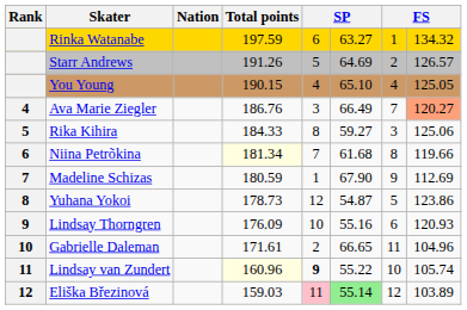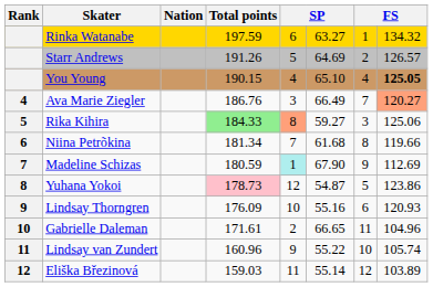 <table class="wikitable sortable" style="text-align:left">
 <tr>
 <th scope="col">Rank</th>
 <th scope="col">Skater</th>
 <th scope="col">Nation</th>
 <th scope="col">Total points</th>
 <th scope="col" colspan="2" width="80px"><a href='#'>SP</a></th>
 <th scope="col" colspan="2" width="80px"><a href='#'>FS</a></th>
 </tr>
 <tr bgcolor="gold">
 <th scope="row"></th>
 <td><a href='#'>Rinka Watanabe</a></td>
 <td></td>
 <td align="center">197.59</td>
 <td align="center">6</td>
 <td align="center">63.27</td>
 <td align="center">1</td>
 <td align="center">134.32</td>
 </tr>
 <tr bgcolor="silver">
 <th scope="row"></th>
 <td><a href='#'>Starr Andrews</a></td>
 <td></td>
 <td align="center">191.26</td>
 <td align="center">5</td>
 <td align="center">64.69</td>
 <td align="center">2</td>
 <td align="center">126.57</td>
 </tr>
 <tr bgcolor="cc9966">
 <th scope="row"></th>
 <td><a href='#'>You Young</a></td>
 <td></td>
 <td align="center">190.15</td>
 <td align="center">4</td>
 <td align="center">65.10</td>
 <td align="center">4</td>
-<td align="center">125.05</td>
+<td align="center"><strong>125.05</strong></td>
 </tr>
 <tr>
 <th scope="row">4</th>
 <td><a href='#'>Ava Marie Ziegler</a></td>
 <td></td>
 <td align="center">186.76</td>
 <td align="center">3</td>
 <td align="center">66.49</td>
 <td align="center">7</td>
 <td align="center" style="background: lightsalmon;">120.27</td>
 </tr>
 <tr>
 <th scope="row">5</th>
 <td><a href='#'>Rika Kihira</a></td>
 <td></td>
-<td align="center">184.33</td>
-<td align="center">8</td>
+<td align="center" style="background: lightgreen;">184.33</td>
+<td align="center" style="background: lightsalmon;">8</td>
 <td align="center">59.27</td>
 <td align="center">3</td>
 <td align="center">125.06</td>
 </tr>
 <tr>
 <th scope="row">6</th>
 <td><a href='#'>Niina Petrõkina</a></td>
 <td></td>
-<td align="center" style="background: lightyellow;">181.34</td>
+<td align="center">181.34</td>
 <td align="center">7</td>
 <td align="center">61.68</td>
 <td align="center">8</td>
 <td align="center">119.66</td>
 </tr>
 <tr>
 <th scope="row">7</th>
 <td><a href='#'>Madeline Schizas</a></td>
 <td></td>
 <td align="center">180.59</td>
-<td align="center">1</td>
+<td align="center" style="background: paleturquoise;">1</td>
 <td align="center">67.90</td>
 <td align="center">9</td>
 <td align="center">112.69</td>
 </tr>
 <tr>
 <th scope="row">8</th>
 <td><a href='#'>Yuhana Yokoi</a></td>
 <td></td>
-<td align="center">178.73</td>
+<td align="center" style="background: pink;">178.73</td>
 <td align="center">12</td>
 <td align="center">54.87</td>
 <td align="center">5</td>
 <td align="center">123.86</td>
 </tr>
 <tr>
 <th scope="row">9</th>
 <td><a href='#'>Lindsay Thorngren</a></td>
 <td></td>
 <td align="center">176.09</td>
 <td align="center">10</td>
 <td align="center">55.16</td>
 <td align="center">6</td>
 <td align="center">120.93</td>
 </tr>
 <tr>
 <th scope="row">10</th>
 <td><a href='#'>Gabrielle Daleman</a></td>
 <td></td>
 <td align="center">171.61</td>
 <td align="center">2</td>
 <td align="center">66.65</td>
 <td align="center">11</td>
 <td align="center">104.96</td>
 </tr>
 <tr>
 <th scope="row">11</th>
 <td><a href='#'>Lindsay van Zundert</a></td>
 <td></td>
-<td align="center" style="background: lightyellow;">160.96</td>
-<td align="center"><strong>9</strong></td>
+<td align="center">160.96</td>
+<td align="center">9</td>
 <td align="center">55.22</td>
 <td align="center">10</td>
 <td align="center">105.74</td>
 </tr>
 <tr>
 <th scope="row">12</th>
 <td><a href='#'>Eliška Březinová</a></td>
 <td></td>
 <td align="center">159.03</td>
-<td align="center" style="background: pink;">11</td>
-<td align="center" style="background: lightgreen;">55.14</td>
+<td align="center">11</td>
+<td align="center">55.14</td>
 <td align="center">12</td>
 <td align="center">103.89</td>
 </tr>
 </table>
